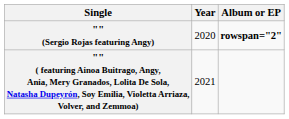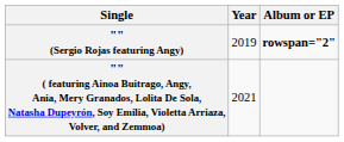 <table class="wikitable plainrowheaders" style="text-align:center;">
 <tr>
 <th scope="col">Single</th>
 <th scope="col">Year</th>
 <th scope="col">Album or EP</th>
 </tr>
 <tr>
 <th scope="row">""<br><small>(Sergio Rojas featuring Angy)</small></th>
-<td>2020</td>
+<td>2019</td>
 <td><strong>rowspan="2" </strong></td>
 </tr>
 <tr>
 <th scope="row">""<br><small>( featuring Ainoa Buitrago, Angy,<br>Ania, Mery Granados, Lolita De Sola,<br><a href='#'>Natasha Dupeyrón</a>, Soy Emilia, Violetta Arriaza,<br>Volver, and Zemmoa)</small></th>
 <td>2021</td>
 </tr>
 </table>
